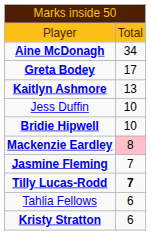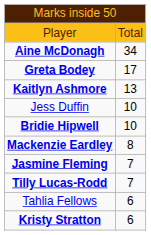 <table class="wikitable" style="text-align:center;">
 <tr>
 <td colspan="2" style="text-align:center; background: #4D2004; color: #FBBF15">Marks inside 50</td>
 </tr>
 <tr>
 <td style="text-align:center; background: #FBBF15; color: #4D2004">Player</td>
 <td style="text-align:center; background: #FBBF15; color: #4D2004">Total</td>
 </tr>
 <tr>
 <td><strong><a href='#'>Aine McDonagh</a></strong></td>
 <td>34</td>
 </tr>
 <tr>
 <td><strong><a href='#'>Greta Bodey</a></strong></td>
 <td>17</td>
 </tr>
 <tr>
 <td><strong><a href='#'>Kaitlyn Ashmore</a></strong></td>
 <td>13</td>
 </tr>
 <tr>
 <td><a href='#'>Jess Duffin</a></td>
 <td>10</td>
 </tr>
 <tr>
 <td><strong><a href='#'>Bridie Hipwell</a></strong></td>
 <td>10</td>
 </tr>
 <tr>
 <td><strong><a href='#'>Mackenzie Eardley</a></strong></td>
-<td style="background: pink;">8</td>
+<td>8</td>
 </tr>
 <tr>
 <td><strong><a href='#'>Jasmine Fleming</a></strong></td>
 <td>7</td>
 </tr>
 <tr>
 <td><strong><a href='#'>Tilly Lucas-Rodd</a></strong></td>
-<td><strong>7</strong></td>
+<td>7</td>
 </tr>
 <tr>
 <td><a href='#'>Tahlia Fellows</a></td>
 <td>6</td>
 </tr>
 <tr>
 <td><strong><a href='#'>Kristy Stratton</a></strong></td>
 <td>6</td>
 </tr>
 </table>
